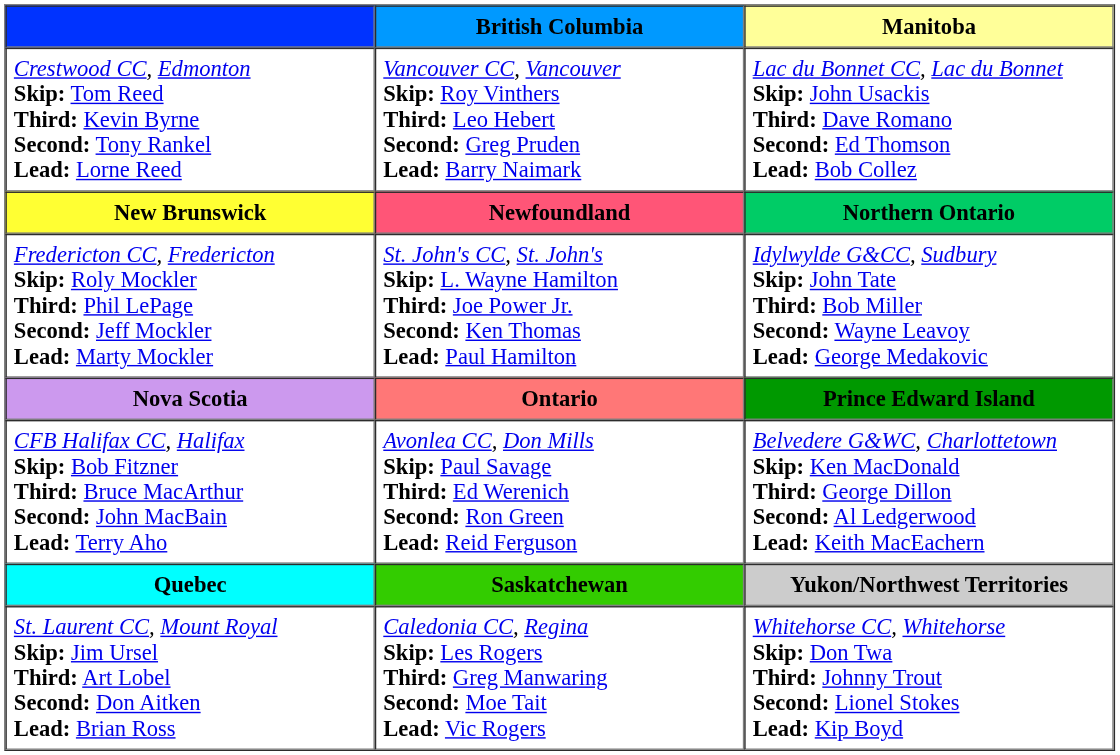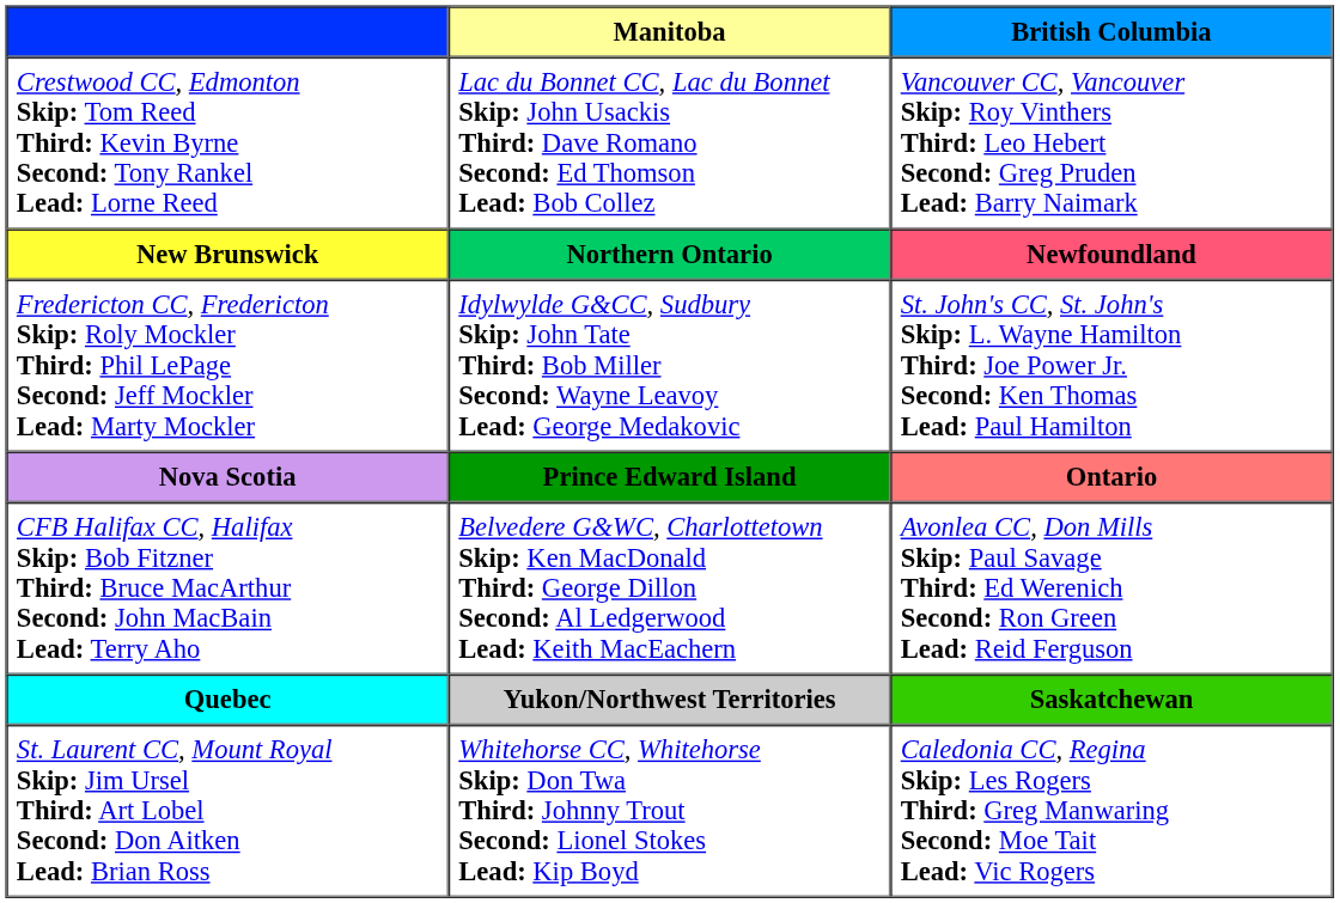 <table border=1 cellpadding=5 cellspacing=0>
 <tr>
 <th style="background:#03f; width:250px;"></th>
+<th style="background:#ff9; width:250px;">Manitoba</th>
 <th style="background:#09f; width:250px;">British Columbia</th>
-<th style="background:#ff9; width:250px;">Manitoba</th>
 </tr>
 <tr>
 <td><em><a href='#'>Crestwood CC</a>, <a href='#'>Edmonton</a></em><br><strong>Skip:</strong> <a href='#'>Tom Reed</a><br> <strong>Third:</strong> <a href='#'>Kevin Byrne</a><br> <strong>Second:</strong> <a href='#'>Tony Rankel</a><br> <strong>Lead:</strong> <a href='#'>Lorne Reed</a></td>
+<td><em><a href='#'>Lac du Bonnet CC</a>, <a href='#'>Lac du Bonnet</a></em><br><strong>Skip:</strong> <a href='#'>John Usackis</a><br> <strong>Third:</strong> <a href='#'>Dave Romano</a><br> <strong>Second:</strong> <a href='#'>Ed Thomson</a><br> <strong>Lead:</strong> <a href='#'>Bob Collez</a></td>
 <td><em><a href='#'>Vancouver CC</a>, <a href='#'>Vancouver</a></em><br><strong>Skip:</strong> <a href='#'>Roy Vinthers</a><br> <strong>Third:</strong> <a href='#'>Leo Hebert</a><br> <strong>Second:</strong> <a href='#'>Greg Pruden</a><br> <strong>Lead:</strong> <a href='#'>Barry Naimark</a></td>
-<td><em><a href='#'>Lac du Bonnet CC</a>, <a href='#'>Lac du Bonnet</a></em><br><strong>Skip:</strong> <a href='#'>John Usackis</a><br> <strong>Third:</strong> <a href='#'>Dave Romano</a><br> <strong>Second:</strong> <a href='#'>Ed Thomson</a><br> <strong>Lead:</strong> <a href='#'>Bob Collez</a></td>
 </tr>
 <tr>
 <th style="background:#ff3; width:250px;">New Brunswick</th>
+<th style="background:#0c6; width:250px;">Northern Ontario</th>
 <th style="background:#f57; width:250px;">Newfoundland</th>
-<th style="background:#0c6; width:250px;">Northern Ontario</th>
 </tr>
 <tr>
 <td><em><a href='#'>Fredericton CC</a>, <a href='#'>Fredericton</a></em><br><strong>Skip:</strong> <a href='#'>Roly Mockler</a><br> <strong>Third:</strong> <a href='#'>Phil LePage</a><br> <strong>Second:</strong> <a href='#'>Jeff Mockler</a><br> <strong>Lead:</strong> <a href='#'>Marty Mockler</a></td>
+<td><em><a href='#'>Idylwylde G&CC</a>, <a href='#'>Sudbury</a></em><br><strong>Skip:</strong> <a href='#'>John Tate</a><br> <strong>Third:</strong> <a href='#'>Bob Miller</a><br> <strong>Second:</strong> <a href='#'>Wayne Leavoy</a><br> <strong>Lead:</strong> <a href='#'>George Medakovic</a></td>
 <td><em><a href='#'>St. John's CC</a>, <a href='#'>St. John's</a></em><br><strong>Skip:</strong> <a href='#'>L. Wayne Hamilton</a><br> <strong>Third:</strong> <a href='#'>Joe Power Jr.</a><br> <strong>Second:</strong> <a href='#'>Ken Thomas</a><br> <strong>Lead:</strong> <a href='#'>Paul Hamilton</a></td>
-<td><em><a href='#'>Idylwylde G&CC</a>, <a href='#'>Sudbury</a></em><br><strong>Skip:</strong> <a href='#'>John Tate</a><br> <strong>Third:</strong> <a href='#'>Bob Miller</a><br> <strong>Second:</strong> <a href='#'>Wayne Leavoy</a><br> <strong>Lead:</strong> <a href='#'>George Medakovic</a></td>
 </tr>
 <tr>
 <th style="background:#c9e; width:250px;">Nova Scotia</th>
+<th style="background:#090; width:250px;">Prince Edward Island</th>
 <th style="background:#f77; width:250px;">Ontario</th>
-<th style="background:#090; width:250px;">Prince Edward Island</th>
 </tr>
 <tr>
 <td><em><a href='#'>CFB Halifax CC</a>, <a href='#'>Halifax</a></em><br><strong>Skip:</strong> <a href='#'>Bob Fitzner</a><br> <strong>Third:</strong> <a href='#'>Bruce MacArthur</a><br> <strong>Second:</strong> <a href='#'>John MacBain</a><br> <strong>Lead:</strong> <a href='#'>Terry Aho</a></td>
+<td><em><a href='#'>Belvedere G&WC</a>, <a href='#'>Charlottetown</a></em><br><strong>Skip:</strong> <a href='#'>Ken MacDonald</a><br> <strong>Third:</strong> <a href='#'>George Dillon</a><br> <strong>Second:</strong> <a href='#'>Al Ledgerwood</a><br> <strong>Lead:</strong> <a href='#'>Keith MacEachern</a></td>
 <td><em><a href='#'>Avonlea CC</a>, <a href='#'>Don Mills</a></em><br><strong>Skip:</strong> <a href='#'>Paul Savage</a><br> <strong>Third:</strong> <a href='#'>Ed Werenich</a><br> <strong>Second:</strong> <a href='#'>Ron Green</a><br> <strong>Lead:</strong> <a href='#'>Reid Ferguson</a></td>
-<td><em><a href='#'>Belvedere G&WC</a>, <a href='#'>Charlottetown</a></em><br><strong>Skip:</strong> <a href='#'>Ken MacDonald</a><br> <strong>Third:</strong> <a href='#'>George Dillon</a><br> <strong>Second:</strong> <a href='#'>Al Ledgerwood</a><br> <strong>Lead:</strong> <a href='#'>Keith MacEachern</a></td>
 </tr>
 <tr>
 <th style="background:#0ff; width:250px;">Quebec</th>
+<th style="background:#ccc; width:250px;">Yukon/Northwest Territories</th>
 <th style="background:#3c0; width:250px;">Saskatchewan</th>
-<th style="background:#ccc; width:250px;">Yukon/Northwest Territories</th>
 </tr>
 <tr>
 <td><em><a href='#'>St. Laurent CC</a>, <a href='#'>Mount Royal</a></em><br><strong>Skip:</strong> <a href='#'>Jim Ursel</a><br> <strong>Third:</strong> <a href='#'>Art Lobel</a><br> <strong>Second:</strong> <a href='#'>Don Aitken</a><br> <strong>Lead:</strong> <a href='#'>Brian Ross</a></td>
+<td><em><a href='#'>Whitehorse CC</a>, <a href='#'>Whitehorse</a></em><br><strong>Skip:</strong> <a href='#'>Don Twa</a><br> <strong>Third:</strong> <a href='#'>Johnny Trout</a><br> <strong>Second:</strong> <a href='#'>Lionel Stokes</a><br> <strong>Lead:</strong> <a href='#'>Kip Boyd</a></td>
 <td><em><a href='#'>Caledonia CC</a>, <a href='#'>Regina</a></em><br><strong>Skip:</strong> <a href='#'>Les Rogers</a><br> <strong>Third:</strong> <a href='#'>Greg Manwaring</a><br> <strong>Second:</strong> <a href='#'>Moe Tait</a><br> <strong>Lead:</strong> <a href='#'>Vic Rogers</a></td>
-<td><em><a href='#'>Whitehorse CC</a>, <a href='#'>Whitehorse</a></em><br><strong>Skip:</strong> <a href='#'>Don Twa</a><br> <strong>Third:</strong> <a href='#'>Johnny Trout</a><br> <strong>Second:</strong> <a href='#'>Lionel Stokes</a><br> <strong>Lead:</strong> <a href='#'>Kip Boyd</a></td>
 </tr>
 </table>
